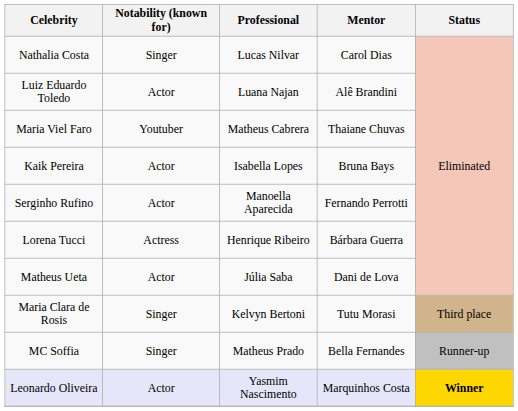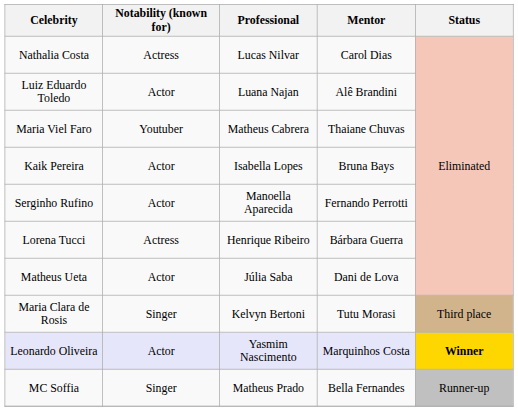 <table class= "wikitable sortable" style="text-align: center; margin:auto; align: center">
 <tr>
 <th width=125>Celebrity</th>
 <th width=150>Notability (known for)</th>
 <th width=125>Professional</th>
 <th width=125>Mentor</th>
 <th width=125>Status</th>
 </tr>
 <tr style="height:50px">
 <td>Nathalia Costa</td>
-<td>Singer</td>
+<td>Actress</td>
 <td>Lucas Nilvar</td>
 <td>Carol Dias</td>
 <td bgcolor=F4C7B8 rowspan=7>Eliminated <br> </td>
 </tr>
 <tr style="height:50px">
 <td>Luiz Eduardo Toledo</td>
 <td>Actor</td>
 <td>Luana Najan</td>
 <td>Alê Brandini</td>
 </tr>
 <tr style="height:50px">
 <td>Maria Viel Faro</td>
 <td>Youtuber</td>
 <td>Matheus Cabrera</td>
 <td>Thaiane Chuvas</td>
 </tr>
 <tr style="height:50px">
 <td>Kaik Pereira</td>
 <td>Actor</td>
 <td>Isabella Lopes</td>
 <td>Bruna Bays</td>
 </tr>
 <tr style="height:50px">
 <td>Serginho Rufino</td>
 <td>Actor</td>
 <td>Manoella Aparecida</td>
 <td>Fernando Perrotti</td>
 </tr>
 <tr style="height:50px">
 <td>Lorena Tucci</td>
 <td>Actress</td>
 <td>Henrique Ribeiro</td>
 <td>Bárbara Guerra</td>
 </tr>
 <tr style="height:50px">
 <td>Matheus Ueta</td>
 <td>Actor</td>
 <td>Júlia Saba</td>
 <td>Dani de Lova</td>
 </tr>
 <tr style="height:50px">
 <td>Maria Clara de Rosis</td>
 <td>Singer</td>
 <td>Kelvyn Bertoni</td>
 <td>Tutu Morasi</td>
 <td bgcolor=D2B48C>Third place <br>  </td>
 </tr>
 <tr style="height:50px">
+<td bgcolor=E6E6FA>Leonardo Oliveira</td>
+<td bgcolor=E6E6FA>Actor</td>
+<td bgcolor=E6E6FA>Yasmim Nascimento</td>
+<td bgcolor=E6E6FA>Marquinhos Costa</td>
+<td bgcolor=FFD700><strong>Winner</strong> <br>  </td>
+</tr>
+<tr style="height:50px">
 <td>MC Soffia</td>
 <td>Singer</td>
 <td>Matheus Prado</td>
 <td>Bella Fernandes</td>
 <td bgcolor=C0C0C0>Runner-up <br>  </td>
 </tr>
-<tr style="height:50px">
-<td bgcolor=E6E6FA>Leonardo Oliveira</td>
-<td bgcolor=E6E6FA>Actor</td>
-<td bgcolor=E6E6FA>Yasmim Nascimento</td>
-<td bgcolor=E6E6FA>Marquinhos Costa</td>
-<td bgcolor=FFD700><strong>Winner</strong> <br>  </td>
-</tr>
 <tr>
 </tr>
 </table>
